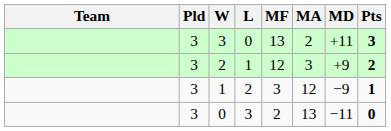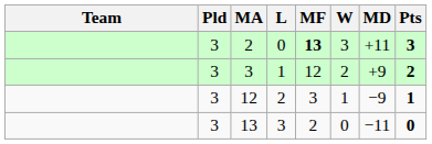 <table class="wikitable" style="text-align:center">
 <tr>
 <th width="175">Team</th>
 <th width="20">Pld</th>
-<th width="20">W</th>
+<th width="20">MA</th>
 <th width="20">L</th>
 <th width="20">MF</th>
-<th width="20">MA</th>
+<th width="20">W</th>
 <th width="20">MD</th>
 <th width="20">Pts</th>
 </tr>
 <tr bgcolor="ccffcc">
 <td align="left"></td>
 <td>3</td>
+<td>2</td>
+<td>0</td>
+<td><strong>13</strong></td>
 <td>3</td>
-<td>0</td>
-<td>13</td>
-<td>2</td>
 <td>+11</td>
 <td><strong>3</strong></td>
 </tr>
 <tr bgcolor="ccffcc">
 <td align="left"></td>
 <td>3</td>
-<td>2</td>
+<td>3</td>
 <td>1</td>
 <td>12</td>
-<td>3</td>
+<td>2</td>
 <td>+9</td>
 <td><strong>2</strong></td>
 </tr>
 <tr>
 <td align="left"></td>
 <td>3</td>
-<td>1</td>
+<td>12</td>
 <td>2</td>
 <td>3</td>
-<td>12</td>
+<td>1</td>
 <td>−9</td>
 <td><strong>1</strong></td>
 </tr>
 <tr>
 <td align="left"></td>
 <td>3</td>
-<td>0</td>
+<td>13</td>
 <td>3</td>
 <td>2</td>
-<td>13</td>
+<td>0</td>
 <td>−11</td>
 <td><strong>0</strong></td>
 </tr>
 </table>
